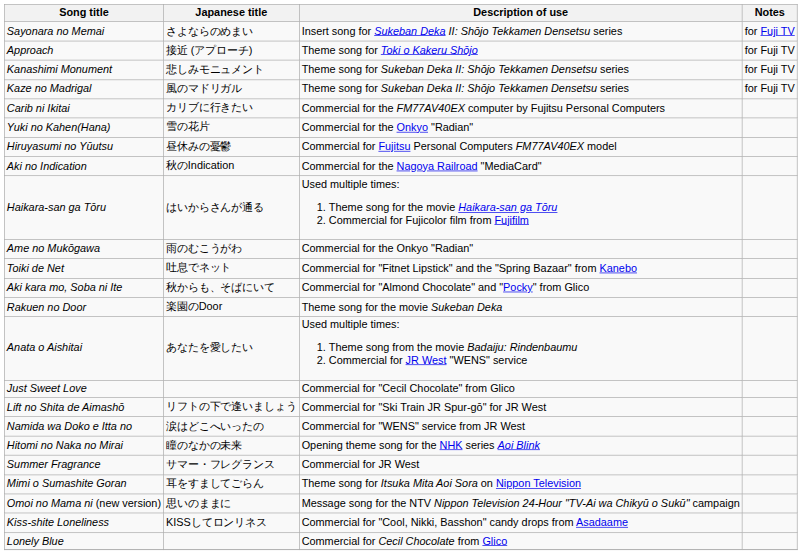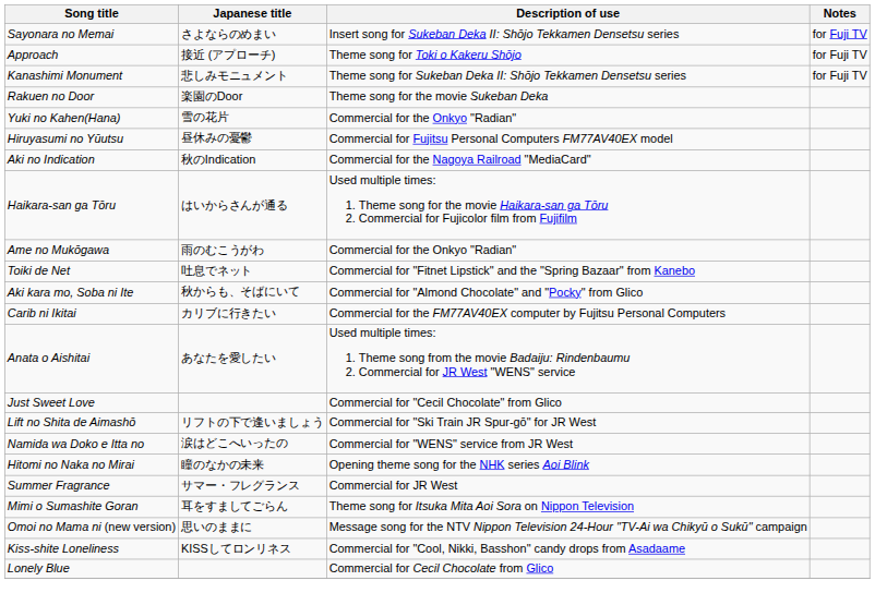 <table class="wikitable">
 <tr>
 <th>Song title</th>
 <th>Japanese title</th>
 <th>Description of use</th>
 <th>Notes</th>
 </tr>
 <tr>
 <td><em>Sayonara no Memai</em></td>
 <td>さよならのめまい</td>
 <td>Insert song for <em><a href='#'>Sukeban Deka</a> II: Shōjo Tekkamen Densetsu</em> series</td>
 <td>for <a href='#'>Fuji TV</a></td>
 </tr>
 <tr>
 <td><em>Approach</em></td>
 <td>接近 (アプローチ)</td>
 <td>Theme song for <em><a href='#'>Toki o Kakeru Shōjo</a></em></td>
 <td>for Fuji TV</td>
 </tr>
 <tr>
 <td><em>Kanashimi Monument</em></td>
 <td>悲しみモニュメント</td>
 <td>Theme song for <em>Sukeban Deka II: Shōjo Tekkamen Densetsu</em> series</td>
 <td>for Fuji TV</td>
 </tr>
 <tr>
-<td><em>Kaze no Madrigal</em></td>
-<td>風のマドリガル</td>
-<td>Theme song for <em>Sukeban Deka II: Shōjo Tekkamen Densetsu</em> series</td>
-<td>for Fuji TV</td>
-</tr>
-<tr>
-<td><em>Carib ni Ikitai</em></td>
-<td>カリブに行きたい</td>
-<td>Commercial for the <em>FM77AV40EX</em> computer by Fujitsu Personal Computers</td>
+<td><em>Rakuen no Door</em></td>
+<td>楽園のDoor</td>
+<td>Theme song for the movie <em>Sukeban Deka</em></td>
 <td> </td>
 </tr>
 <tr>
 <td><em>Yuki no Kahen(Hana)</em></td>
 <td>雪の花片</td>
 <td>Commercial for the <a href='#'>Onkyo</a> "Radian"</td>
 <td> </td>
 </tr>
 <tr>
 <td><em>Hiruyasumi no Yūutsu</em></td>
 <td>昼休みの憂鬱</td>
 <td>Commercial for <a href='#'>Fujitsu</a> Personal Computers <em>FM77AV40EX</em> model</td>
 <td> </td>
 </tr>
 <tr>
 <td><em>Aki no Indication</em></td>
 <td>秋のIndication</td>
 <td>Commercial for the <a href='#'>Nagoya Railroad</a> "MediaCard"</td>
 <td> </td>
 </tr>
 <tr>
 <td><em>Haikara-san ga Tōru</em></td>
 <td>はいからさんが通る</td>
 <td>Used multiple times:<br><ol><li>Theme song for the movie <em><a href='#'>Haikara-san ga Tōru</a></em></li><li>Commercial for Fujicolor film from <a href='#'>Fujifilm</a></li></ol></td>
 <td> </td>
 </tr>
 <tr>
 <td><em>Ame no Mukōgawa</em></td>
 <td>雨のむこうがわ</td>
 <td>Commercial for the Onkyo "Radian"</td>
 <td> </td>
 </tr>
 <tr>
 <td><em>Toiki de Net</em></td>
 <td>吐息でネット</td>
 <td>Commercial for "Fitnet Lipstick" and the "Spring Bazaar" from <a href='#'>Kanebo</a></td>
 <td> </td>
 </tr>
 <tr>
 <td><em>Aki kara mo, Soba ni Ite</em></td>
 <td>秋からも、そばにいて</td>
 <td>Commercial for "Almond Chocolate" and "<a href='#'>Pocky</a>" from Glico</td>
 <td> </td>
 </tr>
 <tr>
-<td><em>Rakuen no Door</em></td>
-<td>楽園のDoor</td>
-<td>Theme song for the movie <em>Sukeban Deka</em></td>
+<td><em>Carib ni Ikitai</em></td>
+<td>カリブに行きたい</td>
+<td>Commercial for the <em>FM77AV40EX</em> computer by Fujitsu Personal Computers</td>
 <td> </td>
 </tr>
 <tr>
 <td><em>Anata o Aishitai</em></td>
 <td>あなたを愛したい</td>
 <td>Used multiple times:<br><ol><li>Theme song from the movie <em>Badaiju: Rindenbaumu</em></li><li>Commercial for <a href='#'>JR West</a> "WENS" service</li></ol></td>
 <td> </td>
 </tr>
 <tr>
 <td><em>Just Sweet Love</em></td>
 <td> </td>
 <td>Commercial for "Cecil Chocolate" from Glico</td>
 <td> </td>
 </tr>
 <tr>
 <td><em>Lift no Shita de Aimashō</em></td>
 <td>リフトの下で逢いましょう</td>
 <td>Commercial for "Ski Train JR Spur-gō" for JR West</td>
 <td> </td>
 </tr>
 <tr>
 <td><em>Namida wa Doko e Itta no</em></td>
 <td>涙はどこへいったの</td>
 <td>Commercial for "WENS" service from JR West</td>
 <td> </td>
 </tr>
 <tr>
 <td><em>Hitomi no Naka no Mirai</em></td>
 <td>瞳のなかの未来</td>
 <td>Opening theme song for the <a href='#'>NHK</a> series <em><a href='#'>Aoi Blink</a></em></td>
 <td> </td>
 </tr>
 <tr>
 <td><em>Summer Fragrance</em></td>
 <td>サマー・フレグランス</td>
 <td>Commercial for JR West</td>
 <td> </td>
 </tr>
 <tr>
 <td><em>Mimi o Sumashite Goran</em></td>
 <td>耳をすましてごらん</td>
 <td>Theme song for <em>Itsuka Mita Aoi Sora</em> on <a href='#'>Nippon Television</a></td>
 <td> </td>
 </tr>
 <tr>
 <td><em>Omoi no Mama ni</em> (new version)</td>
 <td>思いのままに</td>
 <td>Message song for the NTV <em>Nippon Television 24-Hour "TV-Ai wa Chikyū o Sukū"</em> campaign</td>
 <td> </td>
 </tr>
 <tr>
 <td><em>Kiss-shite Loneliness</em></td>
 <td>KISSしてロンリネス</td>
 <td>Commercial for "Cool, Nikki, Basshon" candy drops from <a href='#'>Asadaame</a></td>
 <td> </td>
 </tr>
 <tr>
 <td><em>Lonely Blue</em></td>
 <td> </td>
 <td>Commercial for <em>Cecil Chocolate</em> from <a href='#'>Glico</a></td>
 <td> </td>
 </tr>
 <tr>
 </tr>
 </table>
